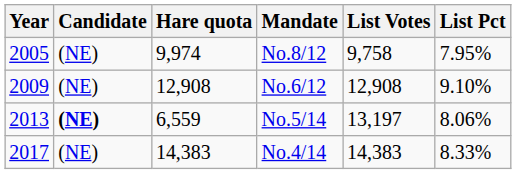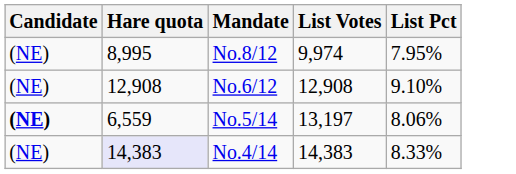 <table class="wikitable" style="margin:0.5em ; font-size:95%">
 <tr>
-<th>Year</th>
 <th>Candidate</th>
 <th>Hare quota</th>
 <th>Mandate</th>
 <th>List Votes</th>
 <th>List Pct</th>
 </tr>
 <tr>
-<td><a href='#'>2005</a></td>
 <td> (<a href='#'>NE</a>)</td>
+<td>8,995</td>
+<td><a href='#'>No.8/12</a></td>
 <td>9,974</td>
-<td><a href='#'>No.8/12</a></td>
-<td>9,758</td>
 <td>7.95%</td>
 </tr>
 <tr>
-<td><a href='#'>2009</a></td>
 <td> (<a href='#'>NE</a>)</td>
 <td>12,908</td>
 <td><a href='#'>No.6/12</a></td>
 <td>12,908</td>
 <td>9.10%</td>
 </tr>
 <tr>
-<td><a href='#'>2013</a></td>
 <td><strong> (<a href='#'>NE</a>)</strong></td>
 <td>6,559</td>
 <td><a href='#'>No.5/14</a></td>
 <td>13,197</td>
 <td>8.06%</td>
 </tr>
 <tr>
-<td><a href='#'>2017</a></td>
 <td> (<a href='#'>NE</a>)</td>
-<td>14,383</td>
+<td style="background: lavender;">14,383</td>
 <td><a href='#'>No.4/14</a></td>
 <td>14,383</td>
 <td>8.33%</td>
 </tr>
 </table>
